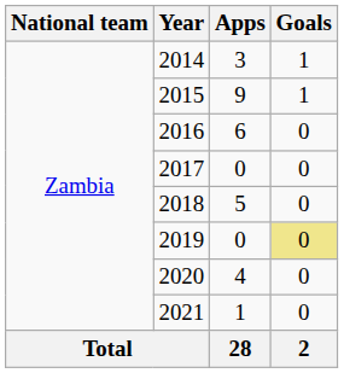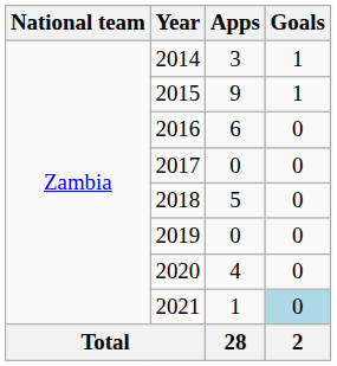 <table class="wikitable" style="text-align:center">
 <tr>
 <th>National team</th>
 <th>Year</th>
 <th>Apps</th>
 <th>Goals</th>
 </tr>
 <tr>
 <td rowspan="8"><a href='#'>Zambia</a></td>
 <td>2014</td>
 <td>3</td>
 <td>1</td>
 </tr>
 <tr>
 <td>2015</td>
 <td>9</td>
 <td>1</td>
 </tr>
 <tr>
 <td>2016</td>
 <td>6</td>
 <td>0</td>
 </tr>
 <tr>
 <td>2017</td>
 <td>0</td>
 <td>0</td>
 </tr>
 <tr>
 <td>2018</td>
 <td>5</td>
 <td>0</td>
 </tr>
 <tr>
 <td>2019</td>
 <td>0</td>
-<td style="background: khaki;">0</td>
+<td>0</td>
 </tr>
 <tr>
 <td>2020</td>
 <td>4</td>
 <td>0</td>
 </tr>
 <tr>
 <td>2021</td>
 <td>1</td>
-<td>0</td>
+<td style="background: lightblue;">0</td>
 </tr>
 <tr>
 <th colspan="2">Total</th>
 <th>28</th>
 <th>2</th>
 </tr>
 </table>
